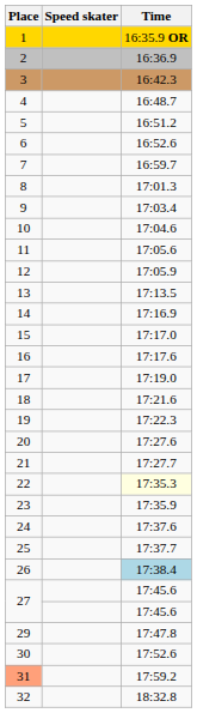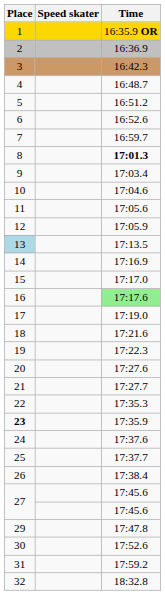 <table class="wikitable" style="text-align:center">
 <tr>
 <th>Place</th>
 <th>Speed skater</th>
 <th>Time</th>
 </tr>
 <tr bgcolor=gold>
 <td>1</td>
 <td align=left></td>
 <td>16:35.9 <strong>OR</strong></td>
 </tr>
 <tr bgcolor=silver>
 <td>2</td>
 <td align=left></td>
 <td>16:36.9</td>
 </tr>
 <tr bgcolor=cc9966>
 <td>3</td>
 <td align=left></td>
 <td>16:42.3</td>
 </tr>
 <tr>
 <td>4</td>
 <td align=left></td>
 <td>16:48.7</td>
 </tr>
 <tr>
 <td>5</td>
 <td align=left></td>
 <td>16:51.2</td>
 </tr>
 <tr>
 <td>6</td>
 <td align=left></td>
 <td>16:52.6</td>
 </tr>
 <tr>
 <td>7</td>
 <td align=left></td>
 <td>16:59.7</td>
 </tr>
 <tr>
 <td>8</td>
 <td align=left></td>
-<td>17:01.3</td>
+<td><strong>17:01.3</strong></td>
 </tr>
 <tr>
 <td>9</td>
 <td align=left></td>
 <td>17:03.4</td>
 </tr>
 <tr>
 <td>10</td>
 <td align=left></td>
 <td>17:04.6</td>
 </tr>
 <tr>
 <td>11</td>
 <td align=left></td>
 <td>17:05.6</td>
 </tr>
 <tr>
 <td>12</td>
 <td align=left></td>
 <td>17:05.9</td>
 </tr>
 <tr>
-<td>13</td>
+<td style="background: lightblue;">13</td>
 <td align=left></td>
 <td>17:13.5</td>
 </tr>
 <tr>
 <td>14</td>
 <td align=left></td>
 <td>17:16.9</td>
 </tr>
 <tr>
 <td>15</td>
 <td align=left></td>
 <td>17:17.0</td>
 </tr>
 <tr>
 <td>16</td>
 <td align=left></td>
-<td>17:17.6</td>
+<td style="background: lightgreen;">17:17.6</td>
 </tr>
 <tr>
 <td>17</td>
 <td align=left></td>
 <td>17:19.0</td>
 </tr>
 <tr>
 <td>18</td>
 <td align=left></td>
 <td>17:21.6</td>
 </tr>
 <tr>
 <td>19</td>
 <td align=left></td>
 <td>17:22.3</td>
 </tr>
 <tr>
 <td>20</td>
 <td align=left></td>
 <td>17:27.6</td>
 </tr>
 <tr>
 <td>21</td>
 <td align=left></td>
 <td>17:27.7</td>
 </tr>
 <tr>
 <td>22</td>
 <td Align=left></td>
-<td style="background: lightyellow;">17:35.3</td>
+<td>17:35.3</td>
 </tr>
 <tr>
-<td>23</td>
+<td><strong>23</strong></td>
 <td align=left></td>
 <td>17:35.9</td>
 </tr>
 <tr>
 <td>24</td>
 <td align=left></td>
 <td>17:37.6</td>
 </tr>
 <tr>
 <td>25</td>
 <td align=left></td>
 <td>17:37.7</td>
 </tr>
 <tr>
 <td>26</td>
 <td align=left></td>
-<td style="background: lightblue;">17:38.4</td>
+<td>17:38.4</td>
 </tr>
 <tr>
 <td rowspan=2>27</td>
 <td align=left></td>
 <td>17:45.6</td>
 </tr>
 <tr>
 <td align=left></td>
 <td>17:45.6</td>
 </tr>
 <tr>
 <td>29</td>
 <td align=left></td>
 <td>17:47.8</td>
 </tr>
 <tr>
 <td>30</td>
 <td align=left></td>
 <td>17:52.6</td>
 </tr>
 <tr>
-<td style="background: lightsalmon;">31</td>
+<td>31</td>
 <td align=left></td>
 <td>17:59.2</td>
 </tr>
 <tr>
 <td>32</td>
 <td align=left></td>
 <td>18:32.8</td>
 </tr>
 </table>
